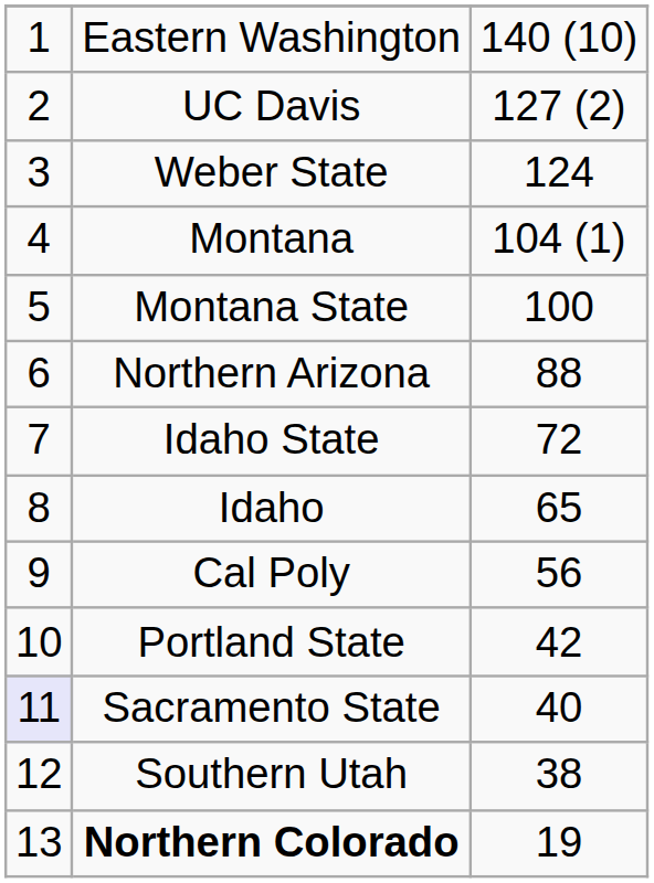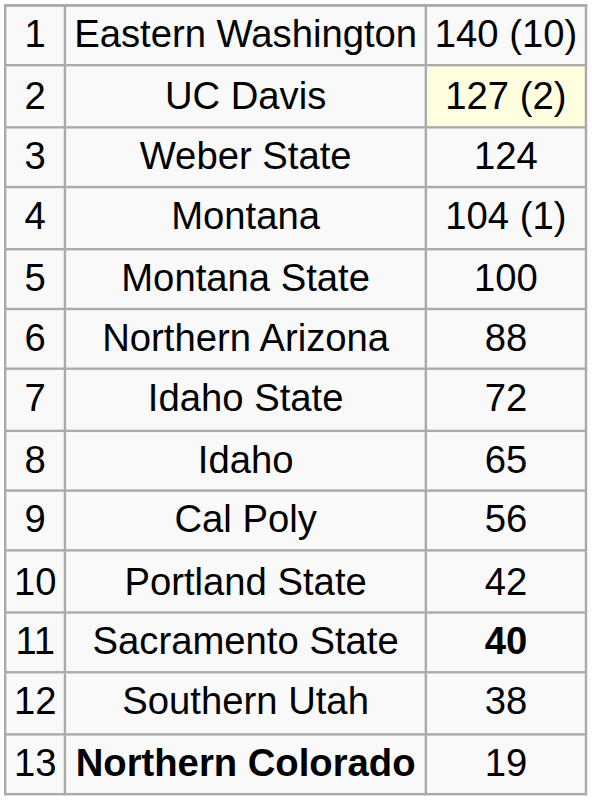 <table class="wikitable" style="display: inline-table;">
 <tr align="center">
 </tr>
 <tr align="center">
 <td>1</td>
 <td>Eastern Washington</td>
 <td>140 (10)</td>
 </tr>
 <tr align="center">
 <td>2</td>
 <td>UC Davis</td>
-<td>127 (2)</td>
+<td style="background: lightyellow;">127 (2)</td>
 </tr>
 <tr align="center">
 <td>3</td>
 <td>Weber State</td>
 <td>124</td>
 </tr>
 <tr align="center">
 <td>4</td>
 <td>Montana</td>
 <td>104 (1)</td>
 </tr>
 <tr align="center">
 <td>5</td>
 <td>Montana State</td>
 <td>100</td>
 </tr>
 <tr align="center">
 <td>6</td>
 <td>Northern Arizona</td>
 <td>88</td>
 </tr>
 <tr align="center">
 <td>7</td>
 <td>Idaho State</td>
 <td>72</td>
 </tr>
 <tr align="center">
 <td>8</td>
 <td>Idaho</td>
 <td>65</td>
 </tr>
 <tr align="center">
 <td>9</td>
 <td>Cal Poly</td>
 <td>56</td>
 </tr>
 <tr align="center">
 <td>10</td>
 <td>Portland State</td>
 <td>42</td>
 </tr>
 <tr align="center">
-<td style="background: lavender;">11</td>
+<td>11</td>
 <td>Sacramento State</td>
-<td>40</td>
+<td><strong>40</strong></td>
 </tr>
 <tr align="center">
 <td>12</td>
 <td>Southern Utah</td>
 <td>38</td>
 </tr>
 <tr align="center">
 <td>13</td>
 <td><strong>Northern Colorado</strong></td>
 <td>19</td>
 </tr>
 </table>
